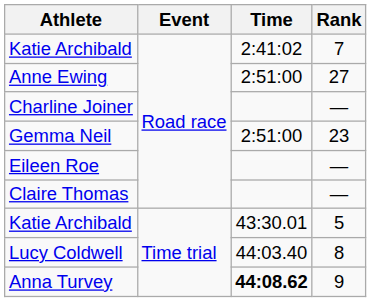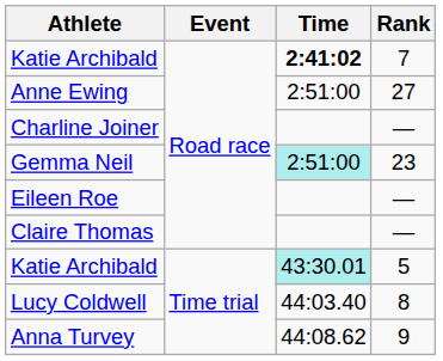 <table class=wikitable style="font-size:90%">
 <tr>
 <th>Athlete</th>
 <th>Event</th>
 <th>Time</th>
 <th>Rank</th>
 </tr>
 <tr align=center>
 <td align=left><a href='#'>Katie Archibald</a></td>
 <td align=left rowspan=6><a href='#'>Road race</a></td>
-<td>2:41:02</td>
+<td><strong>2:41:02</strong></td>
 <td>7</td>
 </tr>
 <tr align=center>
 <td align=left><a href='#'>Anne Ewing</a></td>
 <td>2:51:00</td>
 <td>27</td>
 </tr>
 <tr align=center>
 <td align=left><a href='#'>Charline Joiner</a></td>
 <td></td>
 <td>—</td>
 </tr>
 <tr align=center>
 <td align=left><a href='#'>Gemma Neil</a></td>
-<td>2:51:00</td>
+<td style="background: paleturquoise;">2:51:00</td>
 <td>23</td>
 </tr>
 <tr align=center>
 <td align=left><a href='#'>Eileen Roe</a></td>
 <td></td>
 <td>—</td>
 </tr>
 <tr align=center>
 <td align=left><a href='#'>Claire Thomas</a></td>
 <td></td>
 <td>—</td>
 </tr>
 <tr align=center>
 <td align=left><a href='#'>Katie Archibald</a></td>
 <td align=left rowspan=3><a href='#'>Time trial</a></td>
-<td>43:30.01</td>
+<td style="background: paleturquoise;">43:30.01</td>
 <td>5</td>
 </tr>
 <tr align=center>
 <td align=left><a href='#'>Lucy Coldwell</a></td>
 <td>44:03.40</td>
 <td>8</td>
 </tr>
 <tr align=center>
 <td align=left><a href='#'>Anna Turvey</a></td>
-<td><strong>44:08.62</strong></td>
+<td>44:08.62</td>
 <td>9</td>
 </tr>
 </table>
